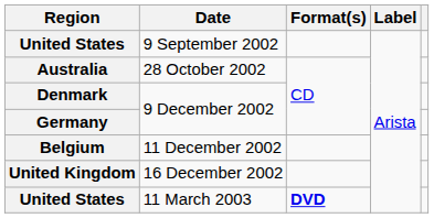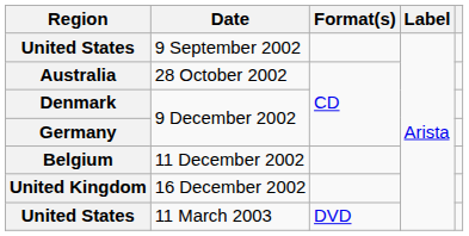 <table class="wikitable plainrowheaders">
 <tr>
 <th scope="col">Region</th>
 <th scope="col">Date</th>
 <th scope="col">Format(s)</th>
 <th scope="col">Label</th>
 <th scope="col"></th>
 </tr>
 <tr>
 <th scope="row">United States</th>
 <td>9 September 2002</td>
 <td></td>
 <td rowspan="7"><a href='#'>Arista</a></td>
 <td align="center"></td>
 </tr>
 <tr>
 <th scope="row">Australia</th>
 <td>28 October 2002</td>
 <td rowspan="3"><a href='#'>CD</a></td>
 <td align="center"></td>
 </tr>
 <tr>
 <th scope="row">Denmark</th>
 <td rowspan="2">9 December 2002</td>
 <td align="center"></td>
 </tr>
 <tr>
 <th scope="row">Germany</th>
 <td align="center"></td>
 </tr>
 <tr>
 <th scope="row">Belgium</th>
 <td>11 December 2002</td>
 <td></td>
 <td align="center"></td>
 </tr>
 <tr>
 <th scope="row">United Kingdom</th>
 <td>16 December 2002</td>
 <td></td>
 <td align="center"></td>
 </tr>
 <tr>
 <th scope="row">United States</th>
 <td>11 March 2003</td>
-<td><strong><a href='#'>DVD</a></strong></td>
+<td><a href='#'>DVD</a></td>
 <td align="center"></td>
 </tr>
 </table>
